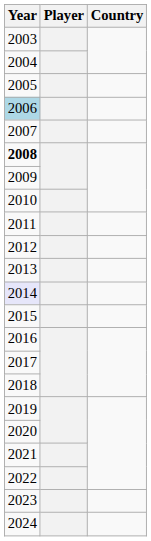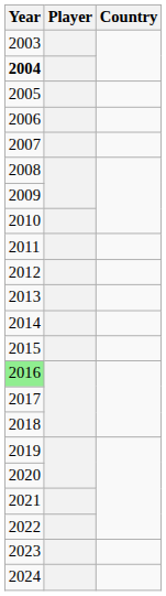 <table class="wikitable sortable plainrowheaders">
 <tr>
 <th scope="col">Year</th>
 <th scope="col">Player</th>
 <th scope="col">Country</th>
 </tr>
 <tr>
 <td>2003</td>
 <th scope="row"></th>
 <td rowspan="2"></td>
 </tr>
 <tr>
-<td>2004</td>
+<td><strong>2004</strong></td>
 <th scope="row"></th>
 </tr>
 <tr>
 <td>2005</td>
 <th scope="row"></th>
 <td></td>
 </tr>
 <tr>
-<td style="background: lightblue;">2006</td>
+<td>2006</td>
 <th scope="row"></th>
 <td></td>
 </tr>
 <tr>
 <td>2007</td>
 <th scope="row"></th>
 <td></td>
 </tr>
 <tr>
-<td><strong>2008</strong></td>
+<td>2008</td>
 <th rowspan="2" scope="row"></th>
 <td rowspan="3"></td>
 </tr>
 <tr>
 <td>2009</td>
 </tr>
 <tr>
 <td>2010</td>
 <th scope="row"></th>
 </tr>
 <tr>
 <td>2011</td>
 <th scope="row"></th>
 <td></td>
 </tr>
 <tr>
 <td>2012</td>
 <th scope="row"></th>
 <td></td>
 </tr>
 <tr>
 <td>2013</td>
 <th scope="row"></th>
 <td></td>
 </tr>
 <tr>
-<td style="background: lavender;">2014</td>
+<td>2014</td>
 <th scope="row"></th>
 <td></td>
 </tr>
 <tr>
 <td>2015</td>
 <th scope="row"></th>
 <td></td>
 </tr>
 <tr>
-<td>2016</td>
+<td style="background: lightgreen;">2016</td>
 <th rowspan="3" scope="row"></th>
 <td rowspan="3"></td>
 </tr>
 <tr>
 <td>2017</td>
 </tr>
 <tr>
 <td>2018</td>
 </tr>
 <tr>
 <td>2019</td>
 <th rowspan="2" scope="row"></th>
 <td rowspan="4"></td>
 </tr>
 <tr>
 <td>2020</td>
 </tr>
 <tr>
 <td>2021</td>
 <th scope="row"></th>
 </tr>
 <tr>
 <td>2022</td>
 <th scope="row"></th>
 </tr>
 <tr>
 <td>2023</td>
 <th scope="row"></th>
 <td></td>
 </tr>
 <tr>
 <td>2024</td>
 <th scope="row"></th>
 <td></td>
 </tr>
 </table>
